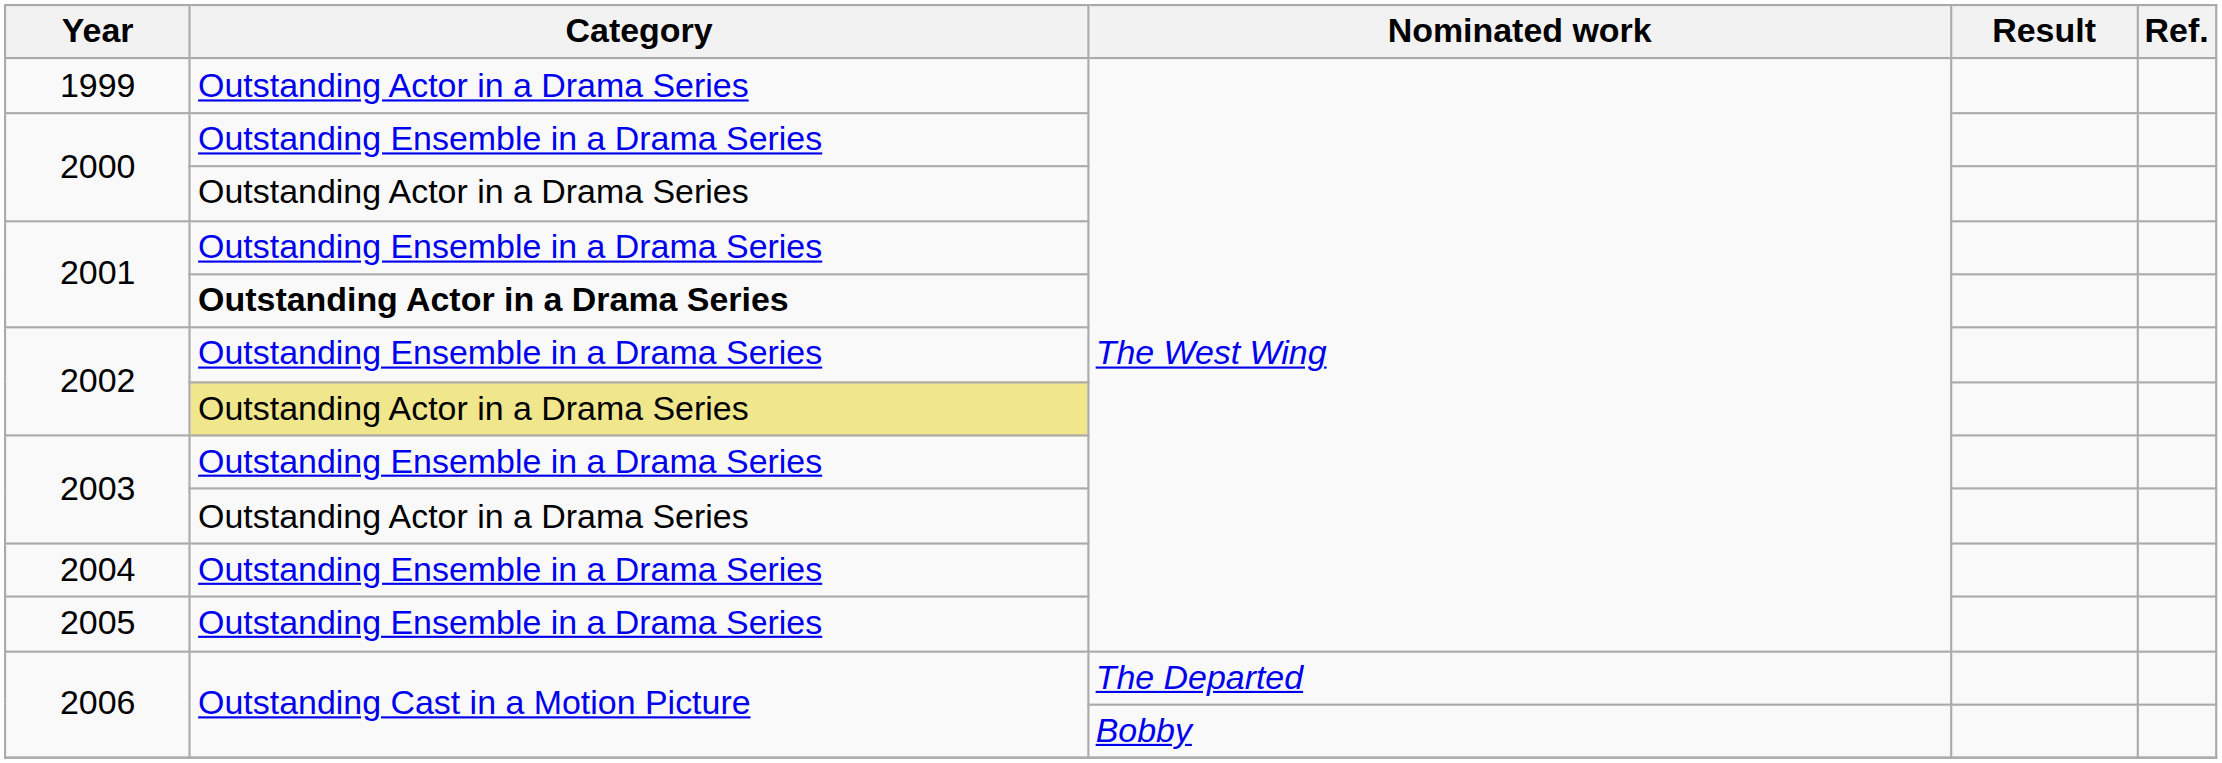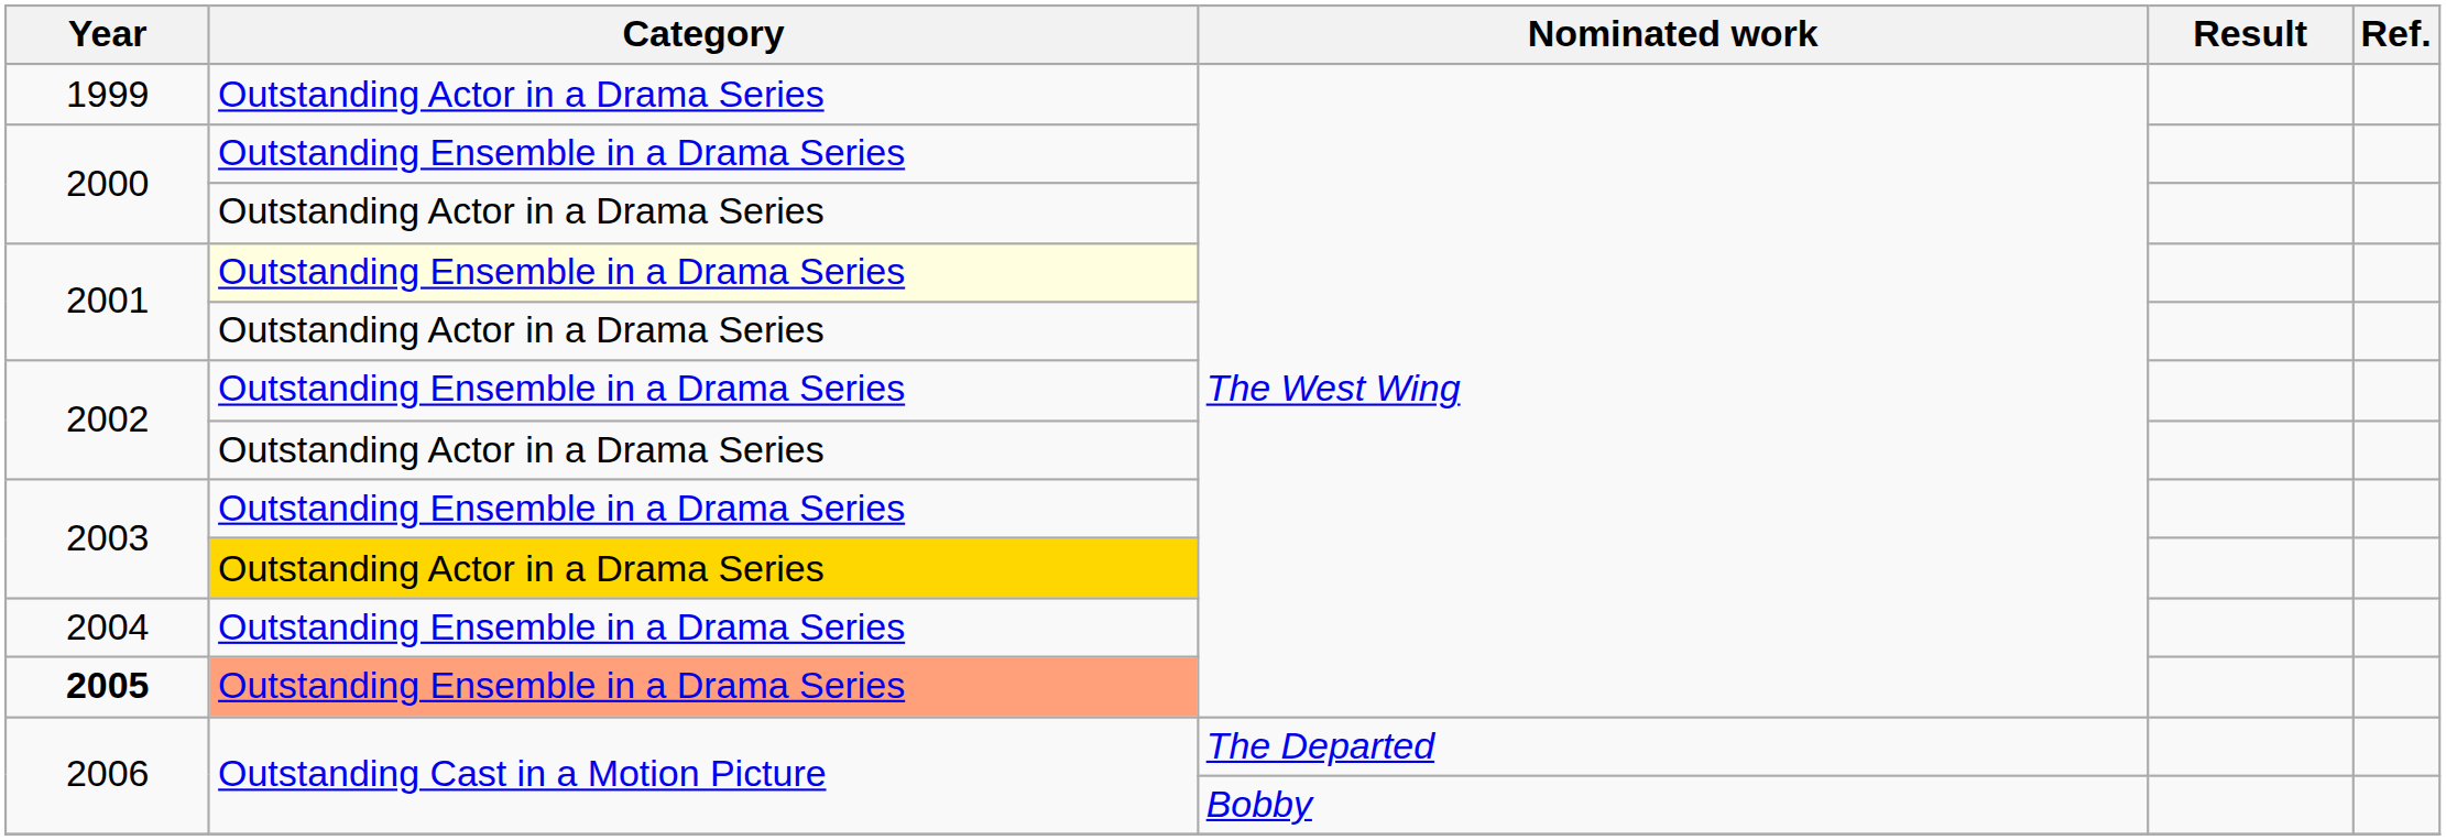 <table class="wikitable plainrowheaders">
 <tr>
 <th scope="col" style="width:5em;">Year</th>
 <th scope="col" style="width:26em;">Category</th>
 <th scope="col" style="width:25em;">Nominated work</th>
 <th scope="col" style="width:5em;">Result</th>
 <th>Ref.</th>
 </tr>
 <tr>
 <td style="text-align:center;">1999</td>
 <td><a href='#'>Outstanding Actor in a Drama Series</a></td>
 <td rowspan=11><em><a href='#'>The West Wing</a></em></td>
 <td></td>
 <td></td>
 </tr>
 <tr>
 <td style="text-align:center;", rowspan=2>2000</td>
 <td><a href='#'>Outstanding Ensemble in a Drama Series</a></td>
 <td></td>
 <td></td>
 </tr>
 <tr>
 <td>Outstanding Actor in a Drama Series</td>
 <td></td>
 <td></td>
 </tr>
 <tr>
 <td style="text-align:center;", rowspan=2>2001</td>
-<td><a href='#'>Outstanding Ensemble in a Drama Series</a></td>
+<td style="background: lightyellow;"><a href='#'>Outstanding Ensemble in a Drama Series</a></td>
 <td></td>
 <td></td>
 </tr>
 <tr>
-<td><strong>Outstanding Actor in a Drama Series</strong></td>
+<td>Outstanding Actor in a Drama Series</td>
 <td></td>
 <td></td>
 </tr>
 <tr>
 <td style="text-align:center;", rowspan=2>2002</td>
 <td><a href='#'>Outstanding Ensemble in a Drama Series</a></td>
 <td></td>
 <td></td>
 </tr>
 <tr>
-<td style="background: khaki;">Outstanding Actor in a Drama Series</td>
+<td>Outstanding Actor in a Drama Series</td>
 <td></td>
 <td></td>
 </tr>
 <tr>
 <td style="text-align:center;", rowspan=2>2003</td>
 <td><a href='#'>Outstanding Ensemble in a Drama Series</a></td>
 <td></td>
 <td></td>
 </tr>
 <tr>
-<td>Outstanding Actor in a Drama Series</td>
+<td style="background: gold;">Outstanding Actor in a Drama Series</td>
 <td></td>
 <td></td>
 </tr>
 <tr>
 <td style="text-align:center;">2004</td>
 <td><a href='#'>Outstanding Ensemble in a Drama Series</a></td>
 <td></td>
 <td></td>
 </tr>
 <tr>
-<td style="text-align:center;">2005</td>
-<td><a href='#'>Outstanding Ensemble in a Drama Series</a></td>
+<td style="text-align:center;"><strong>2005</strong></td>
+<td style="background: lightsalmon;"><a href='#'>Outstanding Ensemble in a Drama Series</a></td>
 <td></td>
 <td></td>
 </tr>
 <tr>
 <td style="text-align:center;", rowspan=2>2006</td>
 <td rowspan=2><a href='#'>Outstanding Cast in a Motion Picture</a></td>
 <td><em><a href='#'>The Departed</a></em></td>
 <td></td>
 <td></td>
 </tr>
 <tr>
 <td><em><a href='#'>Bobby</a></em></td>
 <td></td>
 <td></td>
 </tr>
 <tr>
 </tr>
 </table>
